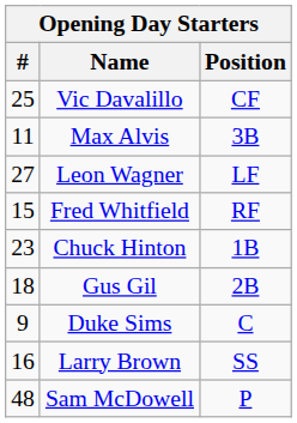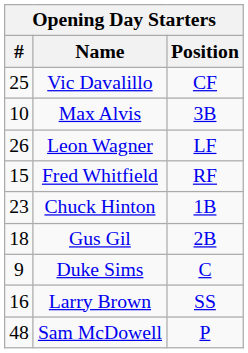 <table class="wikitable" style="text-align:center">
 <tr>
 <th colspan="3">Opening Day Starters</th>
 </tr>
 <tr>
 <th>#</th>
 <th>Name</th>
 <th>Position</th>
 </tr>
 <tr>
 <td>25</td>
 <td><a href='#'>Vic Davalillo</a></td>
 <td><a href='#'>CF</a></td>
 </tr>
 <tr>
-<td>11</td>
+<td>10</td>
 <td><a href='#'>Max Alvis</a></td>
 <td><a href='#'>3B</a></td>
 </tr>
 <tr>
-<td>27</td>
+<td>26</td>
 <td><a href='#'>Leon Wagner</a></td>
 <td><a href='#'>LF</a></td>
 </tr>
 <tr>
 <td>15</td>
 <td><a href='#'>Fred Whitfield</a></td>
 <td><a href='#'>RF</a></td>
 </tr>
 <tr>
 <td>23</td>
 <td><a href='#'>Chuck Hinton</a></td>
 <td><a href='#'>1B</a></td>
 </tr>
 <tr>
 <td>18</td>
 <td><a href='#'>Gus Gil</a></td>
 <td><a href='#'>2B</a></td>
 </tr>
 <tr>
 <td>9</td>
 <td><a href='#'>Duke Sims</a></td>
 <td><a href='#'>C</a></td>
 </tr>
 <tr>
 <td>16</td>
 <td><a href='#'>Larry Brown</a></td>
 <td><a href='#'>SS</a></td>
 </tr>
 <tr>
 <td>48</td>
 <td><a href='#'>Sam McDowell</a></td>
 <td><a href='#'>P</a></td>
 </tr>
 </table>
